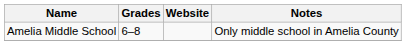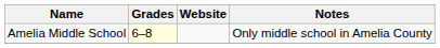 <table class="wikitable">
 <tr>
 <th>Name</th>
 <th>Grades</th>
 <th>Website</th>
 <th>Notes</th>
 </tr>
 <tr>
 <td>Amelia Middle School</td>
-<td>6–8</td>
+<td style="background: lightyellow;">6–8</td>
 <td></td>
 <td>Only middle school in Amelia County</td>
 </tr>
 <tr>
 </tr>
 </table>
